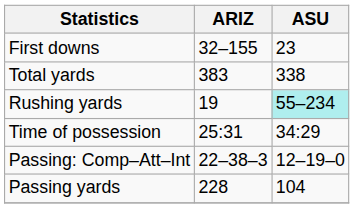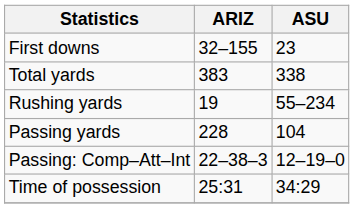 <table class="wikitable" style="float: left;">
 <tr>
 <th>Statistics</th>
 <th>ARIZ</th>
 <th>ASU</th>
 </tr>
 <tr>
 <td>First downs</td>
 <td>32–155</td>
 <td>23</td>
 </tr>
 <tr>
 <td>Total yards</td>
 <td>383</td>
 <td>338</td>
 </tr>
 <tr>
 <td>Rushing yards</td>
 <td>19</td>
-<td style="background: paleturquoise;">55–234</td>
+<td>55–234</td>
+</tr>
+<tr>
+<td>Passing yards</td>
+<td>228</td>
+<td>104</td>
+</tr>
+<tr>
+<td>Passing: Comp–Att–Int</td>
+<td>22–38–3</td>
+<td>12–19–0</td>
 </tr>
 <tr>
 <td>Time of possession</td>
 <td>25:31</td>
 <td>34:29</td>
 </tr>
 <tr>
-<td>Passing: Comp–Att–Int</td>
-<td>22–38–3</td>
-<td>12–19–0</td>
-</tr>
-<tr>
-<td>Passing yards</td>
-<td>228</td>
-<td>104</td>
-</tr>
-<tr>
 </tr>
 </table>
